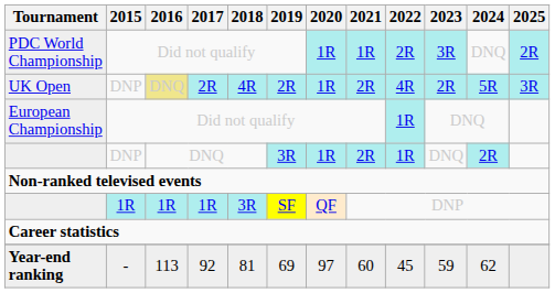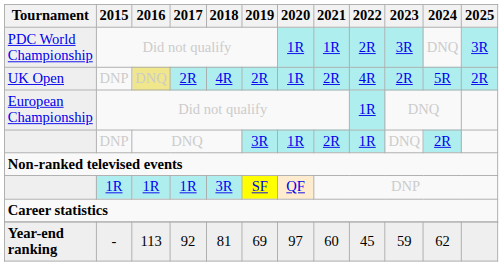 <table class="wikitable" style="width:20%; margin:0">
 <tr>
 <th>Tournament</th>
 <th>2015</th>
 <th>2016</th>
 <th>2017</th>
 <th>2018</th>
 <th>2019</th>
 <th>2020</th>
 <th>2021</th>
 <th>2022</th>
 <th>2023</th>
 <th>2024</th>
 <th>2025</th>
 </tr>
 <tr>
 <td style="background:#efefef;"><a href='#'>PDC World Championship</a></td>
 <td colspan="5" style="text-align:center; color:#ccc;">Did not qualify</td>
 <td style="text-align:center; background:#afeeee;"><a href='#'>1R</a></td>
 <td style="text-align:center; background:#afeeee;"><a href='#'>1R</a></td>
 <td style="text-align:center; background:#afeeee;"><a href='#'>2R</a></td>
 <td style="text-align:center; background:#afeeee;"><a href='#'>3R</a></td>
 <td style="text-align:center; color:#ccc;">DNQ</td>
-<td style="text-align:center; background:#afeeee;"><a href='#'>2R</a></td>
+<td style="text-align:center; background:#afeeee;"><a href='#'>3R</a></td>
 </tr>
 <tr>
 <td style="background:#efefef;"><a href='#'>UK Open</a></td>
 <td style="text-align:center; color:#ccc;">DNP</td>
 <td style="background: khaki; text-align:center; color:#ccc;">DNQ</td>
 <td style="text-align:center; background:#afeeee;"><a href='#'>2R</a></td>
 <td style="text-align:center; background:#afeeee;"><a href='#'>4R</a></td>
 <td style="text-align:center; background:#afeeee;"><a href='#'>2R</a></td>
 <td style="text-align:center; background:#afeeee;"><a href='#'>1R</a></td>
 <td style="text-align:center; background:#afeeee;"><a href='#'>2R</a></td>
 <td style="text-align:center; background:#afeeee;"><a href='#'>4R</a></td>
 <td style="text-align:center; background:#afeeee;"><a href='#'>2R</a></td>
 <td style="text-align:center; background:#afeeee;"><a href='#'>5R</a></td>
-<td style="text-align:center; background:#afeeee;"><a href='#'>3R</a></td>
+<td style="text-align:center; background:#afeeee;"><a href='#'>2R</a></td>
 </tr>
 <tr>
 <td style="background:#efefef;"><a href='#'>European Championship</a></td>
 <td colspan="7" style="text-align:center; color:#ccc;">Did not qualify</td>
 <td style="text-align:center; background:#afeeee;"><a href='#'>1R</a></td>
 <td colspan="2" style="text-align:center; color:#ccc;">DNQ</td>
 <td></td>
 </tr>
 <tr>
 <td style="background:#efefef;"></td>
 <td style="text-align:center; color:#ccc;">DNP</td>
 <td colspan="3" style="text-align:center; color:#ccc;">DNQ</td>
 <td style="text-align:center; background:#afeeee;"><a href='#'>3R</a></td>
 <td style="text-align:center; background:#afeeee;"><a href='#'>1R</a></td>
 <td style="text-align:center; background:#afeeee;"><a href='#'>2R</a></td>
 <td style="text-align:center; background:#afeeee;"><a href='#'>1R</a></td>
 <td style="text-align:center; color:#ccc;">DNQ</td>
 <td style="text-align:center; background:#afeeee;"><a href='#'>2R</a></td>
 <td></td>
 </tr>
 <tr>
 <td colspan="15" align="left"><strong>Non-ranked televised events</strong></td>
 </tr>
 <tr>
 <td style="background:#efefef;"></td>
 <td style="text-align:center; background:#afeeee;"><a href='#'>1R</a></td>
 <td style="text-align:center; background:#afeeee;"><a href='#'>1R</a></td>
 <td style="text-align:center; background:#afeeee;"><a href='#'>1R</a></td>
 <td style="text-align:center; background:#afeeee;"><a href='#'>3R</a></td>
 <td style="text-align:center; background:yellow;"><a href='#'>SF</a></td>
 <td style="text-align:center; background:#ffebcd;"><a href='#'>QF</a></td>
 <td colspan="5" style="text-align:center; color:#ccc;">DNP</td>
 </tr>
 <tr>
 <td colspan="15" align="left"><strong>Career statistics</strong></td>
 </tr>
 <tr>
 </tr>
 <tr bgcolor="efefef">
 <td align="left"><strong>Year-end ranking</strong></td>
 <td style="text-align:center;">-</td>
 <td style="text-align:center;">113</td>
 <td style="text-align:center;">92</td>
 <td style="text-align:center;">81</td>
 <td style="text-align:center;">69</td>
 <td style="text-align:center;">97</td>
 <td style="text-align:center;">60</td>
 <td style="text-align:center;">45</td>
 <td style="text-align:center;">59</td>
 <td style="text-align:center;">62</td>
 <td></td>
 </tr>
 </table>
